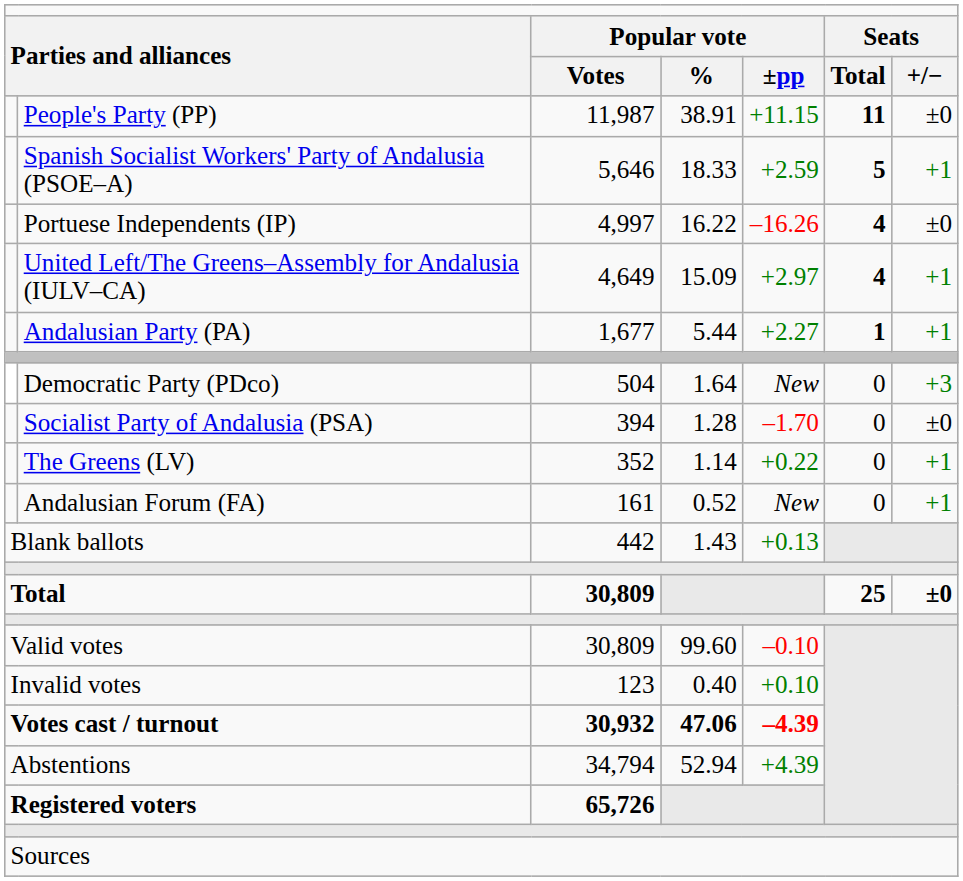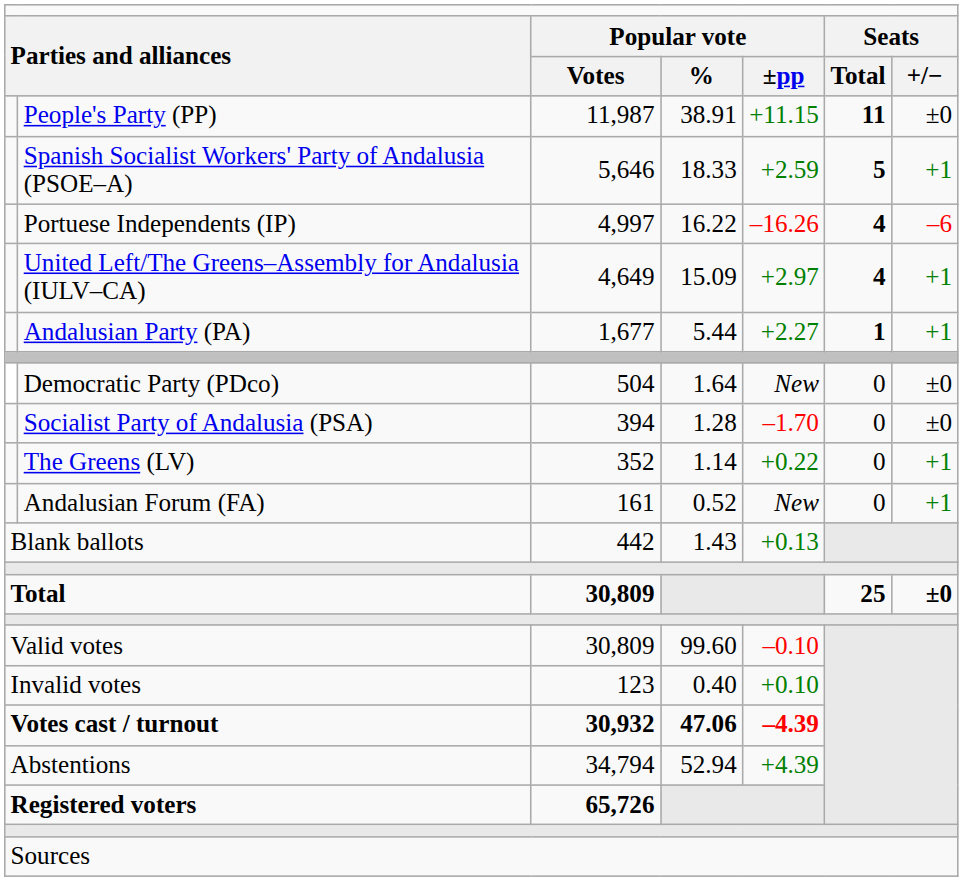 <table class="wikitable" style="text-align:right;">
 <tr>
 <td colspan="7"></td>
 </tr>
 <tr>
 <th style="text-align:left;" rowspan="2" colspan="2" width="525">Parties and alliances</th>
 <th colspan="3">Popular vote</th>
 <th colspan="2">Seats</th>
 </tr>
 <tr>
 <th width="75">Votes</th>
 <th width="45">%</th>
 <th width="45">±<a href='#'>pp</a></th>
 <th width="35">Total</th>
 <th width="35">+/−</th>
 </tr>
 <tr>
 <td width="1" style="color:inherit;background:"></td>
 <td align="left"><a href='#'>People's Party</a> (PP)</td>
 <td>11,987</td>
 <td>38.91</td>
 <td style="color:green;">+11.15</td>
 <td><strong>11</strong></td>
 <td>±0</td>
 </tr>
 <tr>
 <td style="color:inherit;background:"></td>
 <td align="left"><a href='#'>Spanish Socialist Workers' Party of Andalusia</a> (PSOE–A)</td>
 <td>5,646</td>
 <td>18.33</td>
 <td style="color:green;">+2.59</td>
 <td><strong>5</strong></td>
 <td style="color:green;">+1</td>
 </tr>
 <tr>
 <td style="color:inherit;background:"></td>
 <td align="left">Portuese Independents (IP)</td>
 <td>4,997</td>
 <td>16.22</td>
 <td style="color:red;">–16.26</td>
 <td><strong>4</strong></td>
-<td>±0</td>
+<td style="color:red;">–6</td>
 </tr>
 <tr>
 <td style="color:inherit;background:"></td>
 <td align="left"><a href='#'>United Left/The Greens–Assembly for Andalusia</a> (IULV–CA)</td>
 <td>4,649</td>
 <td>15.09</td>
 <td style="color:green;">+2.97</td>
 <td><strong>4</strong></td>
 <td style="color:green;">+1</td>
 </tr>
 <tr>
 <td style="color:inherit;background:"></td>
 <td align="left"><a href='#'>Andalusian Party</a> (PA)</td>
 <td>1,677</td>
 <td>5.44</td>
 <td style="color:green;">+2.27</td>
 <td><strong>1</strong></td>
 <td style="color:green;">+1</td>
 </tr>
 <tr>
 <td colspan="7" bgcolor="#C0C0C0"></td>
 </tr>
 <tr>
 <td bgcolor="white"></td>
 <td align="left">Democratic Party (PDco)</td>
 <td>504</td>
 <td>1.64</td>
 <td><em>New</em></td>
 <td>0</td>
-<td style="color:green;">+3</td>
+<td>±0</td>
 </tr>
 <tr>
 <td style="color:inherit;background:"></td>
 <td align="left"><a href='#'>Socialist Party of Andalusia</a> (PSA)</td>
 <td>394</td>
 <td>1.28</td>
 <td style="color:red;">–1.70</td>
 <td>0</td>
 <td>±0</td>
 </tr>
 <tr>
 <td style="color:inherit;background:"></td>
 <td align="left"><a href='#'>The Greens</a> (LV)</td>
 <td>352</td>
 <td>1.14</td>
 <td style="color:green;">+0.22</td>
 <td>0</td>
 <td style="color:green;">+1</td>
 </tr>
 <tr>
 <td style="color:inherit;background:"></td>
 <td align="left">Andalusian Forum (FA)</td>
 <td>161</td>
 <td>0.52</td>
 <td><em>New</em></td>
 <td>0</td>
 <td style="color:green;">+1</td>
 </tr>
 <tr>
 <td align="left" colspan="2">Blank ballots</td>
 <td>442</td>
 <td>1.43</td>
 <td style="color:green;">+0.13</td>
 <td bgcolor="#E9E9E9" colspan="2"></td>
 </tr>
 <tr>
 <td colspan="7" bgcolor="#E9E9E9"></td>
 </tr>
 <tr style="font-weight:bold;">
 <td align="left" colspan="2">Total</td>
 <td>30,809</td>
 <td bgcolor="#E9E9E9" colspan="2"></td>
 <td>25</td>
 <td>±0</td>
 </tr>
 <tr>
 <td colspan="7" bgcolor="#E9E9E9"></td>
 </tr>
 <tr>
 <td align="left" colspan="2">Valid votes</td>
 <td>30,809</td>
 <td>99.60</td>
 <td style="color:red;">–0.10</td>
 <td bgcolor="#E9E9E9" colspan="2" rowspan="5"></td>
 </tr>
 <tr>
 <td align="left" colspan="2">Invalid votes</td>
 <td>123</td>
 <td>0.40</td>
 <td style="color:green;">+0.10</td>
 </tr>
 <tr style="font-weight:bold;">
 <td align="left" colspan="2">Votes cast / turnout</td>
 <td>30,932</td>
 <td>47.06</td>
 <td style="color:red;">–4.39</td>
 </tr>
 <tr>
 <td align="left" colspan="2">Abstentions</td>
 <td>34,794</td>
 <td>52.94</td>
 <td style="color:green;">+4.39</td>
 </tr>
 <tr style="font-weight:bold;">
 <td align="left" colspan="2">Registered voters</td>
 <td>65,726</td>
 <td bgcolor="#E9E9E9" colspan="2"></td>
 </tr>
 <tr>
 <td colspan="7" bgcolor="#E9E9E9"></td>
 </tr>
 <tr>
 <td align="left" colspan="7">Sources</td>
 </tr>
 </table>
